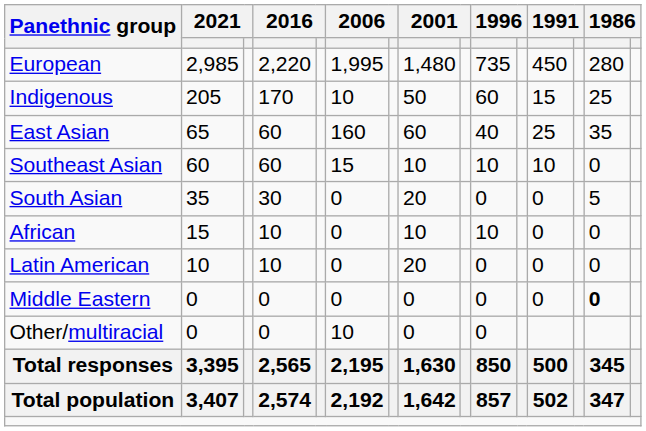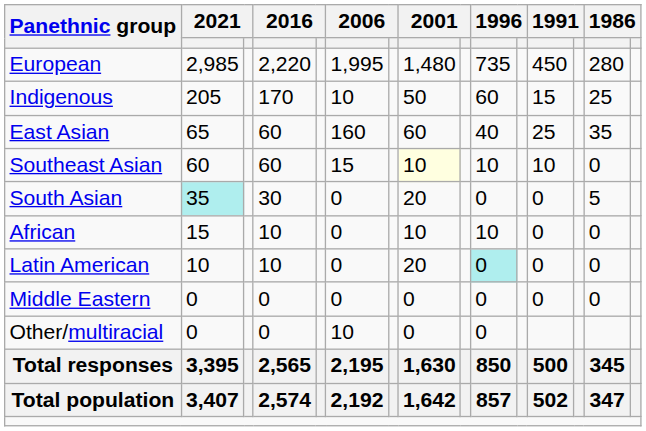 <table class="wikitable collapsible sortable">
 <tr>
 <th rowspan="2"><a href='#'>Panethnic</a> group</th>
 <th colspan="2">2021</th>
 <th colspan="2">2016</th>
 <th colspan="2">2006</th>
 <th colspan="2">2001</th>
 <th colspan="2">1996</th>
 <th colspan="2">1991</th>
 <th colspan="2">1986</th>
 </tr>
 <tr>
 <th><a href='#'></a></th>
 <th></th>
 <th></th>
 <th></th>
 <th></th>
 <th></th>
 <th></th>
 <th></th>
 <th></th>
 <th></th>
 <th></th>
 <th></th>
 <th></th>
 <th></th>
 </tr>
 <tr>
 <td><a href='#'>European</a></td>
 <td>2,985</td>
 <td></td>
 <td>2,220</td>
 <td></td>
 <td>1,995</td>
 <td></td>
 <td>1,480</td>
 <td></td>
 <td>735</td>
 <td></td>
 <td>450</td>
 <td></td>
 <td>280</td>
 <td></td>
 </tr>
 <tr>
 <td><a href='#'>Indigenous</a></td>
 <td>205</td>
 <td></td>
 <td>170</td>
 <td></td>
 <td>10</td>
 <td></td>
 <td>50</td>
 <td></td>
 <td>60</td>
 <td></td>
 <td>15</td>
 <td></td>
 <td>25</td>
 <td></td>
 </tr>
 <tr>
 <td><a href='#'>East Asian</a></td>
 <td>65</td>
 <td></td>
 <td>60</td>
 <td></td>
 <td>160</td>
 <td></td>
 <td>60</td>
 <td></td>
 <td>40</td>
 <td></td>
 <td>25</td>
 <td></td>
 <td>35</td>
 <td></td>
 </tr>
 <tr>
 <td><a href='#'>Southeast Asian</a></td>
 <td>60</td>
 <td></td>
 <td>60</td>
 <td></td>
 <td>15</td>
 <td></td>
-<td>10</td>
+<td style="background: lightyellow;">10</td>
 <td></td>
 <td>10</td>
 <td></td>
 <td>10</td>
 <td></td>
 <td>0</td>
 <td></td>
 </tr>
 <tr>
 <td><a href='#'>South Asian</a></td>
-<td>35</td>
+<td style="background: paleturquoise;">35</td>
 <td></td>
 <td>30</td>
 <td></td>
 <td>0</td>
 <td></td>
 <td>20</td>
 <td></td>
 <td>0</td>
 <td></td>
 <td>0</td>
 <td></td>
 <td>5</td>
 <td></td>
 </tr>
 <tr>
 <td><a href='#'>African</a></td>
 <td>15</td>
 <td></td>
 <td>10</td>
 <td></td>
 <td>0</td>
 <td></td>
 <td>10</td>
 <td></td>
 <td>10</td>
 <td></td>
 <td>0</td>
 <td></td>
 <td>0</td>
 <td></td>
 </tr>
 <tr>
 <td><a href='#'>Latin American</a></td>
 <td>10</td>
 <td></td>
 <td>10</td>
 <td></td>
 <td>0</td>
 <td></td>
 <td>20</td>
 <td></td>
-<td>0</td>
+<td style="background: paleturquoise;">0</td>
 <td></td>
 <td>0</td>
 <td></td>
 <td>0</td>
 <td></td>
 </tr>
 <tr>
 <td><a href='#'>Middle Eastern</a></td>
 <td>0</td>
 <td></td>
 <td>0</td>
 <td></td>
 <td>0</td>
 <td></td>
 <td>0</td>
 <td></td>
 <td>0</td>
 <td></td>
 <td>0</td>
 <td></td>
-<td><strong>0</strong></td>
+<td>0</td>
 <td></td>
 </tr>
 <tr>
 <td>Other/<a href='#'>multiracial</a></td>
 <td>0</td>
 <td></td>
 <td>0</td>
 <td></td>
 <td>10</td>
 <td></td>
 <td>0</td>
 <td></td>
 <td>0</td>
 <td></td>
 <td></td>
 <td></td>
 <td></td>
 <td></td>
 </tr>
 <tr>
 <th>Total responses</th>
 <th>3,395</th>
 <th></th>
 <th>2,565</th>
 <th></th>
 <th>2,195</th>
 <th></th>
 <th>1,630</th>
 <th></th>
 <th>850</th>
 <th></th>
 <th>500</th>
 <th></th>
 <th>345</th>
 <th></th>
 </tr>
 <tr class="sortbottom">
 <th>Total population</th>
 <th>3,407</th>
 <th></th>
 <th>2,574</th>
 <th></th>
 <th>2,192</th>
 <th></th>
 <th>1,642</th>
 <th></th>
 <th>857</th>
 <th></th>
 <th>502</th>
 <th></th>
 <th>347</th>
 <th></th>
 </tr>
 <tr class="sortbottom">
 <td colspan="20"></td>
 </tr>
 </table>
